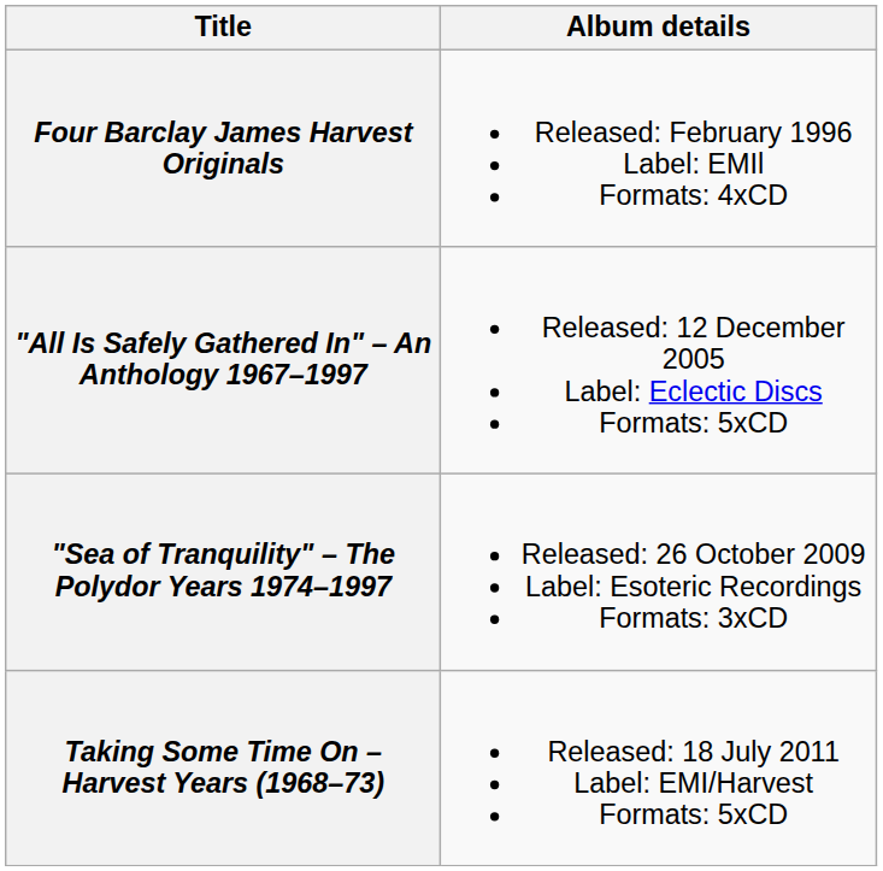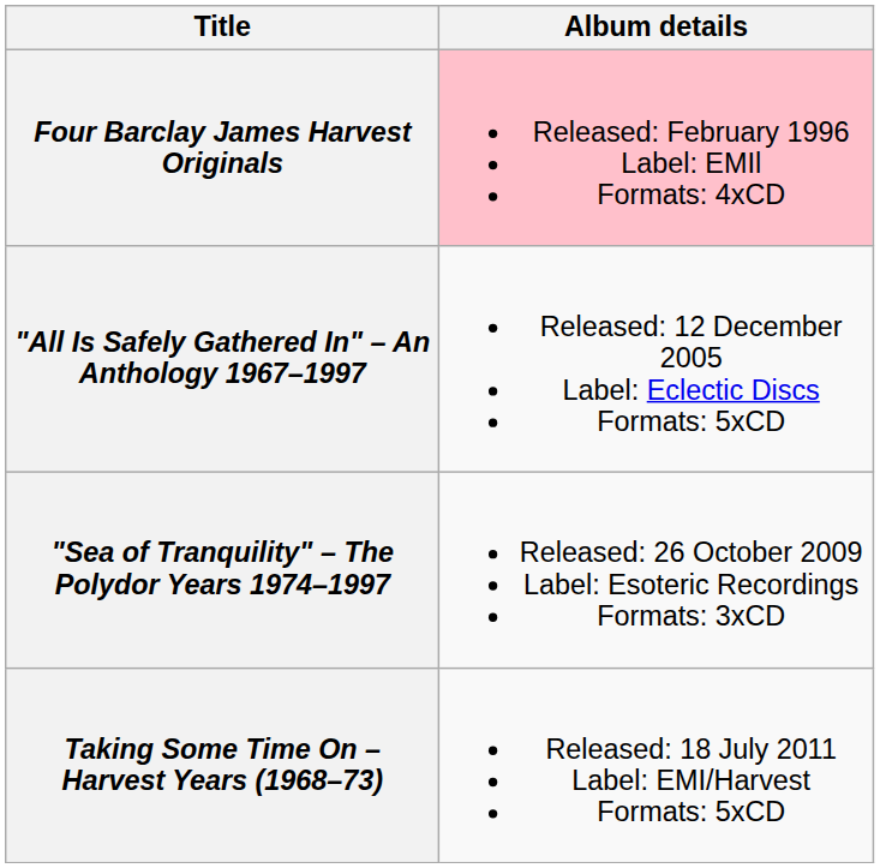 <table class="wikitable plainrowheaders" style="text-align:center;">
 <tr>
 <th scope="col" style="width:15em;">Title</th>
 <th scope="col" style="width:15em;">Album details</th>
 </tr>
 <tr>
 <th scope="row"><em>Four Barclay James Harvest Originals</em></th>
-<td><br><ul><li>Released: February 1996</li><li>Label: EMIl</li><li>Formats: 4xCD</li></ul></td>
+<td style="background: pink;"><br><ul><li>Released: February 1996</li><li>Label: EMIl</li><li>Formats: 4xCD</li></ul></td>
 </tr>
 <tr>
 <th scope="row"><em>"All Is Safely Gathered In" – An Anthology 1967–1997</em></th>
 <td><br><ul><li>Released: 12 December 2005</li><li>Label: <a href='#'>Eclectic Discs</a></li><li>Formats: 5xCD</li></ul></td>
 </tr>
 <tr>
 <th scope="row"><em>"Sea of Tranquility" – The Polydor Years 1974–1997</em></th>
 <td><br><ul><li>Released: 26 October 2009</li><li>Label: Esoteric Recordings</li><li>Formats: 3xCD</li></ul></td>
 </tr>
 <tr>
 <th scope="row"><em>Taking Some Time On – Harvest Years (1968–73)</em></th>
 <td><br><ul><li>Released: 18 July 2011</li><li>Label: EMI/Harvest</li><li>Formats: 5xCD</li></ul></td>
 </tr>
 </table>
